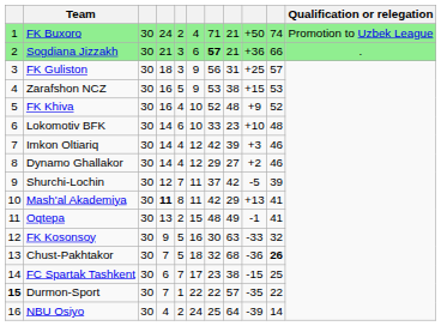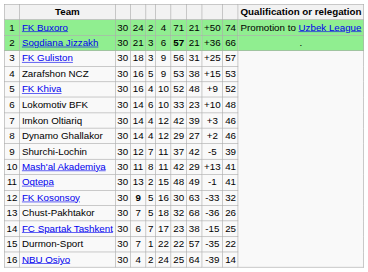 <table class="wikitable sortable" style="text-align:center; font-size:100%;">
 <tr>
 <th></th>
 <th>Team</th>
 <th></th>
 <th></th>
 <th></th>
 <th></th>
 <th></th>
 <th></th>
 <th></th>
 <th></th>
 <th>Qualification or relegation</th>
 </tr>
 <tr align="center" bgcolor="#90EE90">
 <td>1</td>
 <td align="left"><a href='#'>FK Buxoro</a></td>
 <td>30</td>
 <td>24</td>
 <td>2</td>
 <td>4</td>
 <td>71</td>
 <td>21</td>
 <td>+50</td>
 <td>74</td>
 <td>Promotion to <a href='#'>Uzbek League</a></td>
 </tr>
 <tr align="center" bgcolor="#90EE90">
 <td>2</td>
 <td align="left"><a href='#'>Sogdiana Jizzakh</a></td>
 <td>30</td>
 <td>21</td>
 <td>3</td>
 <td>6</td>
 <td><strong>57</strong></td>
 <td>21</td>
 <td>+36</td>
 <td>66</td>
 <td>.</td>
 </tr>
 <tr align="center" bgcolor=>
 <td>3</td>
 <td align="left"><a href='#'>FK Guliston</a></td>
 <td>30</td>
 <td>18</td>
 <td>3</td>
 <td>9</td>
 <td>56</td>
 <td>31</td>
 <td>+25</td>
 <td>57</td>
 </tr>
 <tr align="center" bgcolor=>
 <td>4</td>
 <td align="left">Zarafshon NCZ</td>
 <td>30</td>
 <td>16</td>
 <td>5</td>
 <td>9</td>
 <td>53</td>
 <td>38</td>
 <td>+15</td>
 <td>53</td>
 </tr>
 <tr align="center" bgcolor=>
 <td>5</td>
 <td align="left"><a href='#'>FK Khiva</a></td>
 <td>30</td>
 <td>16</td>
 <td>4</td>
 <td>10</td>
 <td>52</td>
 <td>48</td>
 <td>+9</td>
 <td>52</td>
 </tr>
 <tr align="center" bgcolor=>
 <td>6</td>
 <td align="left">Lokomotiv BFK</td>
 <td>30</td>
 <td>14</td>
 <td>6</td>
 <td>10</td>
 <td>33</td>
 <td>23</td>
 <td>+10</td>
 <td>48</td>
 </tr>
 <tr align="center" bgcolor=>
 <td>7</td>
 <td align="left">Imkon Oltiariq</td>
 <td>30</td>
 <td>14</td>
 <td>4</td>
 <td>12</td>
 <td>42</td>
 <td>39</td>
 <td>+3</td>
 <td>46</td>
 </tr>
 <tr align="center" bgcolor=>
 <td>8</td>
 <td align="left">Dynamo Ghallakor</td>
 <td>30</td>
 <td>14</td>
 <td>4</td>
 <td>12</td>
 <td>29</td>
 <td>27</td>
 <td>+2</td>
 <td>46</td>
 </tr>
 <tr align="center" bgcolor="">
 <td>9</td>
 <td align="left">Shurchi-Lochin</td>
 <td>30</td>
 <td>12</td>
 <td>7</td>
 <td>11</td>
 <td>37</td>
 <td>42</td>
 <td>-5</td>
 <td>39</td>
 </tr>
 <tr align="center" bgcolor="">
 <td>10</td>
 <td align="left"><a href='#'>Mash'al Akademiya</a></td>
 <td>30</td>
-<td><strong>11</strong></td>
+<td>11</td>
 <td>8</td>
 <td>11</td>
 <td>42</td>
 <td>29</td>
 <td>+13</td>
 <td>41</td>
 </tr>
 <tr align="center" bgcolor="">
 <td>11</td>
 <td align="left"><a href='#'>Oqtepa</a></td>
 <td>30</td>
 <td>13</td>
 <td>2</td>
 <td>15</td>
 <td>48</td>
 <td>49</td>
 <td>-1</td>
 <td>41</td>
 </tr>
 <tr align="center" bgcolor="">
 <td>12</td>
 <td align="left"><a href='#'>FK Kosonsoy</a></td>
 <td>30</td>
-<td>9</td>
+<td><strong>9</strong></td>
 <td>5</td>
 <td>16</td>
 <td>30</td>
 <td>63</td>
 <td>-33</td>
 <td>32</td>
 </tr>
 <tr align="center" bgcolor="">
 <td>13</td>
 <td align="left">Chust-Pakhtakor</td>
 <td>30</td>
 <td>7</td>
 <td>5</td>
 <td>18</td>
 <td>32</td>
 <td>68</td>
 <td>-36</td>
-<td><strong>26</strong></td>
+<td>26</td>
 </tr>
 <tr align="center" bgcolor="">
 <td>14</td>
 <td align="left"><a href='#'>FC Spartak Tashkent </a></td>
 <td>30</td>
 <td>6</td>
 <td>7</td>
 <td>17</td>
 <td>23</td>
 <td>38</td>
 <td>-15</td>
 <td>25</td>
 </tr>
 <tr align="center" bgcolor="">
-<td><strong>15</strong></td>
+<td>15</td>
 <td align="left">Durmon-Sport</td>
 <td>30</td>
 <td>7</td>
 <td>1</td>
 <td>22</td>
 <td>22</td>
 <td>57</td>
 <td>-35</td>
 <td>22</td>
 </tr>
 <tr align="center" bgcolor="">
 <td>16</td>
 <td align="left"><a href='#'>NBU Osiyo</a></td>
 <td>30</td>
 <td>4</td>
 <td>2</td>
 <td>24</td>
 <td>25</td>
 <td>64</td>
 <td>-39</td>
 <td>14</td>
 </tr>
 </table>
